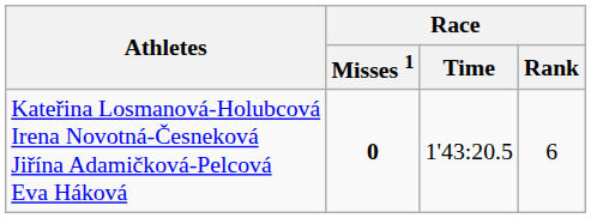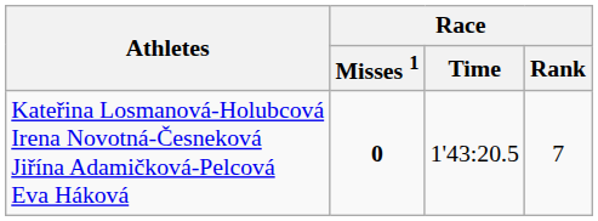 <table class="wikitable" border="1" style="font-size:90%">
 <tr>
 <th rowspan=2>Athletes</th>
 <th colspan=3>Race</th>
 </tr>
 <tr>
 <th>Misses <sup>1</sup></th>
 <th>Time</th>
 <th>Rank</th>
 </tr>
 <tr>
 <td><a href='#'>Kateřina Losmanová-Holubcová</a><br><a href='#'>Irena Novotná-Česneková</a><br><a href='#'>Jiřína Adamičková-Pelcová</a><br><a href='#'>Eva Háková</a></td>
 <td align=center><strong>0</strong></td>
 <td align=center>1'43:20.5</td>
-<td align=center>6</td>
+<td align=center>7</td>
 </tr>
 </table>
